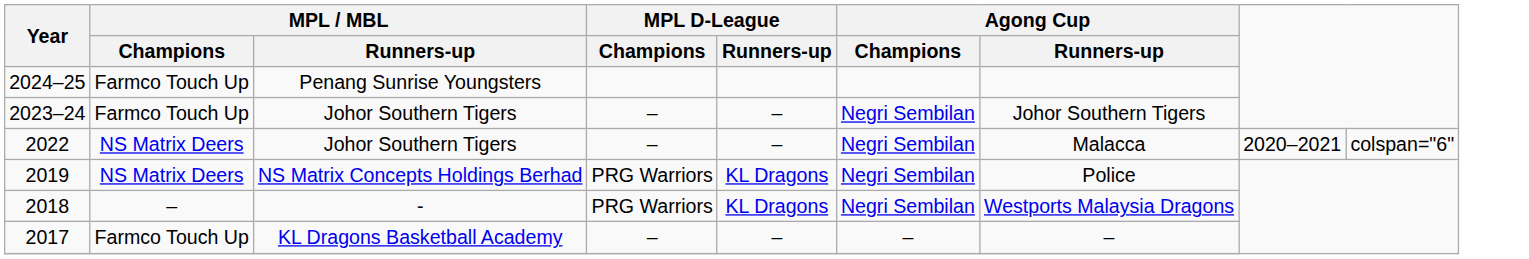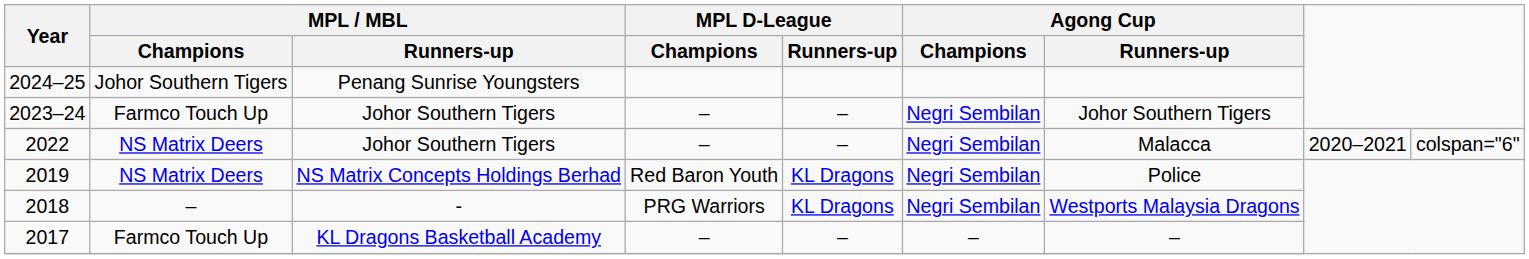 <table class="wikitable" style="font-size:95%; text-align:center;">
 <tr>
 <th rowspan="2">Year</th>
 <th colspan=2>MPL / MBL</th>
 <th colspan=2>MPL D-League</th>
 <th colspan=2>Agong Cup</th>
 </tr>
 <tr>
 <th>Champions</th>
 <th>Runners-up</th>
 <th>Champions</th>
 <th>Runners-up</th>
 <th>Champions</th>
 <th>Runners-up</th>
 </tr>
 <tr>
 <td>2024–25</td>
-<td style="text-align:center;">Farmco Touch Up</td>
+<td>Johor Southern Tigers</td>
 <td>Penang Sunrise Youngsters</td>
 <td></td>
 <td></td>
 <td></td>
 <td></td>
 </tr>
 <tr>
 <td>2023–24</td>
 <td style="text-align:center;">Farmco Touch Up</td>
 <td>Johor Southern Tigers</td>
 <td>–</td>
 <td>–</td>
 <td><a href='#'>Negri Sembilan</a></td>
 <td>Johor Southern Tigers</td>
 </tr>
 <tr>
 <td>2022</td>
 <td><a href='#'>NS Matrix Deers</a></td>
 <td>Johor Southern Tigers</td>
 <td>–</td>
 <td>–</td>
 <td><a href='#'>Negri Sembilan</a></td>
 <td>Malacca</td>
 <td>2020–2021</td>
 <td>colspan="6" </td>
 </tr>
 <tr>
 <td>2019</td>
 <td><a href='#'>NS Matrix Deers</a></td>
 <td style="text-align:center;"><a href='#'>NS Matrix Concepts Holdings Berhad</a></td>
-<td style="text-align:center;">PRG Warriors</td>
+<td style="text-align:center;">Red Baron Youth</td>
 <td style="text-align:center;"><a href='#'>KL Dragons</a></td>
 <td style="text-align:center;"><a href='#'>Negri Sembilan</a></td>
 <td style="text-align:center;">Police</td>
 </tr>
 <tr>
 <td>2018</td>
 <td style="text-align:center;">–</td>
 <td style="text-align:center;">-</td>
 <td style="text-align:center;">PRG Warriors</td>
 <td style="text-align:center;"><a href='#'>KL Dragons</a></td>
 <td style="text-align:center;"><a href='#'>Negri Sembilan</a></td>
 <td style="text-align:center;"><a href='#'>Westports Malaysia Dragons</a></td>
 </tr>
 <tr>
 <td>2017</td>
 <td style="text-align:center;">Farmco Touch Up</td>
 <td style="text-align:center;"><a href='#'>KL Dragons Basketball Academy</a></td>
 <td style="text-align:center;">–</td>
 <td style="text-align:center;">–</td>
 <td style="text-align:center;">–</td>
 <td style="text-align:center;">–</td>
 </tr>
 <tr>
 </tr>
 </table>
